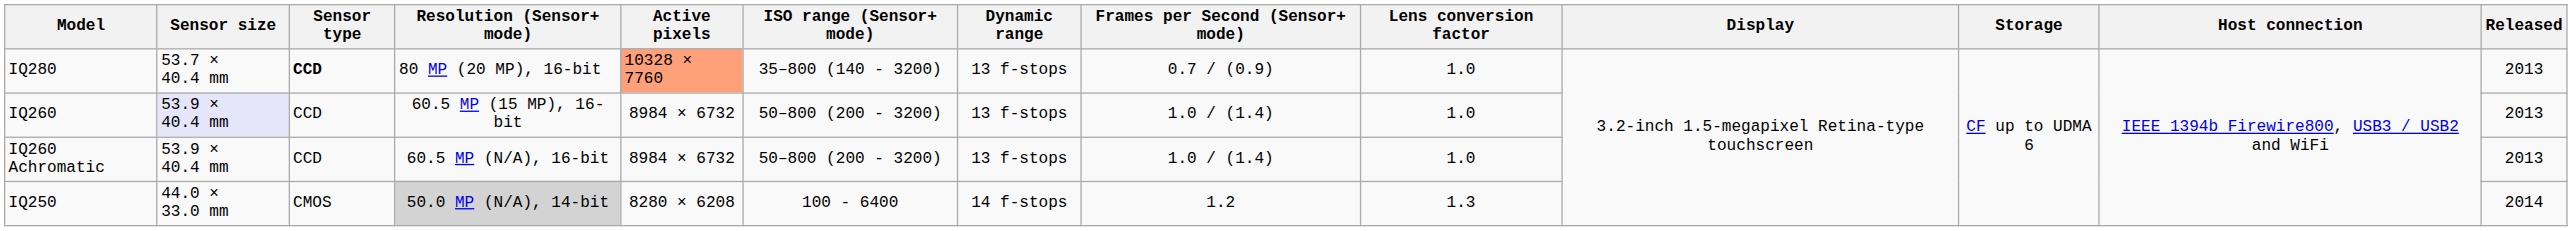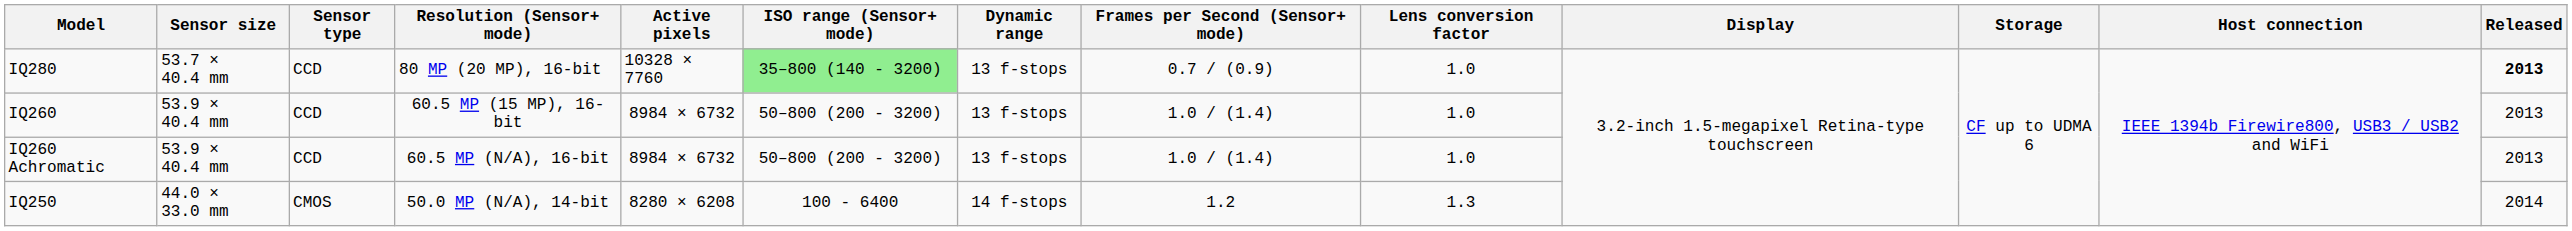 <table class="wikitable" style="font-size:95%;">
 <tr>
 <th>Model</th>
 <th>Sensor size</th>
 <th>Sensor type</th>
 <th>Resolution (Sensor+ mode)</th>
 <th>Active pixels</th>
 <th>ISO range (Sensor+ mode)</th>
 <th>Dynamic range</th>
 <th>Frames per Second (Sensor+ mode)</th>
 <th>Lens conversion factor</th>
 <th>Display</th>
 <th>Storage</th>
 <th>Host connection</th>
 <th>Released</th>
 </tr>
 <tr>
 <td>IQ280</td>
 <td>53.7 × 40.4 mm</td>
-<td><strong>CCD</strong></td>
+<td>CCD</td>
 <td>80 <a href='#'>MP</a> (20 MP), 16-bit</td>
-<td style="background: lightsalmon;">10328 × 7760</td>
-<td align=center>35–800 (140 - 3200)</td>
+<td>10328 × 7760</td>
+<td align=center style="background: lightgreen;">35–800 (140 - 3200)</td>
 <td align=center>13 f-stops</td>
 <td align=center>0.7 / (0.9)</td>
 <td align=center>1.0</td>
 <td rowspan=4 align=center>3.2-inch 1.5-megapixel Retina-type touchscreen</td>
 <td rowspan=4 align=center><a href='#'>CF</a> up to UDMA 6</td>
 <td rowspan=4 align=center><a href='#'>IEEE 1394b Firewire800</a>, <a href='#'>USB3 / USB2</a> and WiFi</td>
-<td align=center>2013</td>
+<td align=center><strong>2013</strong></td>
 </tr>
 <tr>
 <td>IQ260</td>
-<td style="background: lavender;">53.9 × 40.4 mm</td>
+<td>53.9 × 40.4 mm</td>
 <td>CCD</td>
 <td align=center>60.5 <a href='#'>MP</a> (15 MP), 16-bit</td>
 <td align=center>8984 × 6732</td>
 <td align=center>50–800 (200 - 3200)</td>
 <td align=center>13 f-stops</td>
 <td align=center>1.0 / (1.4)</td>
 <td align=center>1.0</td>
 <td align=center>2013</td>
 </tr>
 <tr>
 <td>IQ260 Achromatic</td>
 <td>53.9 × 40.4 mm</td>
 <td>CCD</td>
 <td align="center">60.5 <a href='#'>MP</a> (N/A), 16-bit</td>
 <td align=center>8984 × 6732</td>
 <td align=center>50–800 (200 - 3200)</td>
 <td align=center>13 f-stops</td>
 <td align=center>1.0 / (1.4)</td>
 <td align=center>1.0</td>
 <td align=center>2013</td>
 </tr>
 <tr>
 <td>IQ250</td>
 <td>44.0 × 33.0 mm</td>
 <td>CMOS</td>
-<td align="center" style="background: lightgrey;">50.0 <a href='#'>MP</a> (N/A), 14-bit</td>
+<td align="center">50.0 <a href='#'>MP</a> (N/A), 14-bit</td>
 <td align=center>8280 × 6208</td>
 <td align=center>100 - 6400</td>
 <td align=center>14 f-stops</td>
 <td align=center>1.2</td>
 <td align=center>1.3</td>
 <td align=center>2014</td>
 </tr>
 </table>
